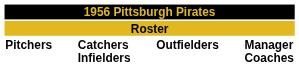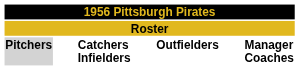 <table class="toccolours" style="font-size: 95%;">
 <tr>
 <th colspan="10" style="background-color: black; color: #e1b81e; text-align: center;">1956 Pittsburgh Pirates</th>
 </tr>
 <tr>
 <td colspan="10" style="background-color: #e1b81e; color: black; text-align: center;"><strong>Roster</strong></td>
 </tr>
 <tr>
-<td valign="top"><strong>Pitchers</strong><br>                  </td>
+<td valign="top" style="background: lightgrey;"><strong>Pitchers</strong><br>                  </td>
 <td width="25px"></td>
 <td valign="top"><strong>Catchers</strong><br>     <strong>Infielders</strong>           </td>
 <td width="25px"></td>
 <td valign="top"><strong>Outfielders</strong><br>      </td>
 <td width="25px"></td>
 <td valign="top"><strong>Manager</strong><br> <strong>Coaches</strong>   </td>
 </tr>
 </table>
